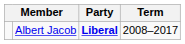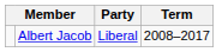 <table class="wikitable">
 <tr>
 <th colspan="2">Member</th>
 <th>Party</th>
 <th>Term</th>
 </tr>
 <tr>
 <td> </td>
 <td><a href='#'>Albert Jacob</a></td>
-<td><strong><a href='#'>Liberal</a></strong></td>
+<td><a href='#'>Liberal</a></td>
 <td>2008–2017</td>
 </tr>
 </table>
